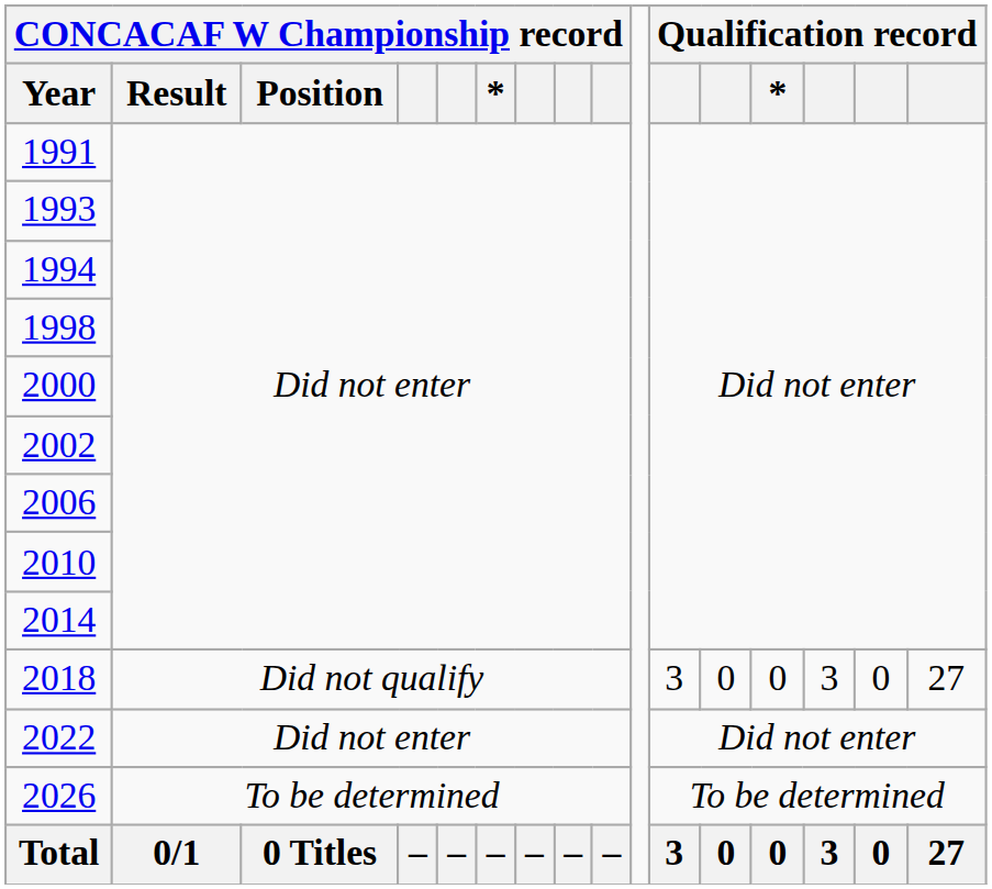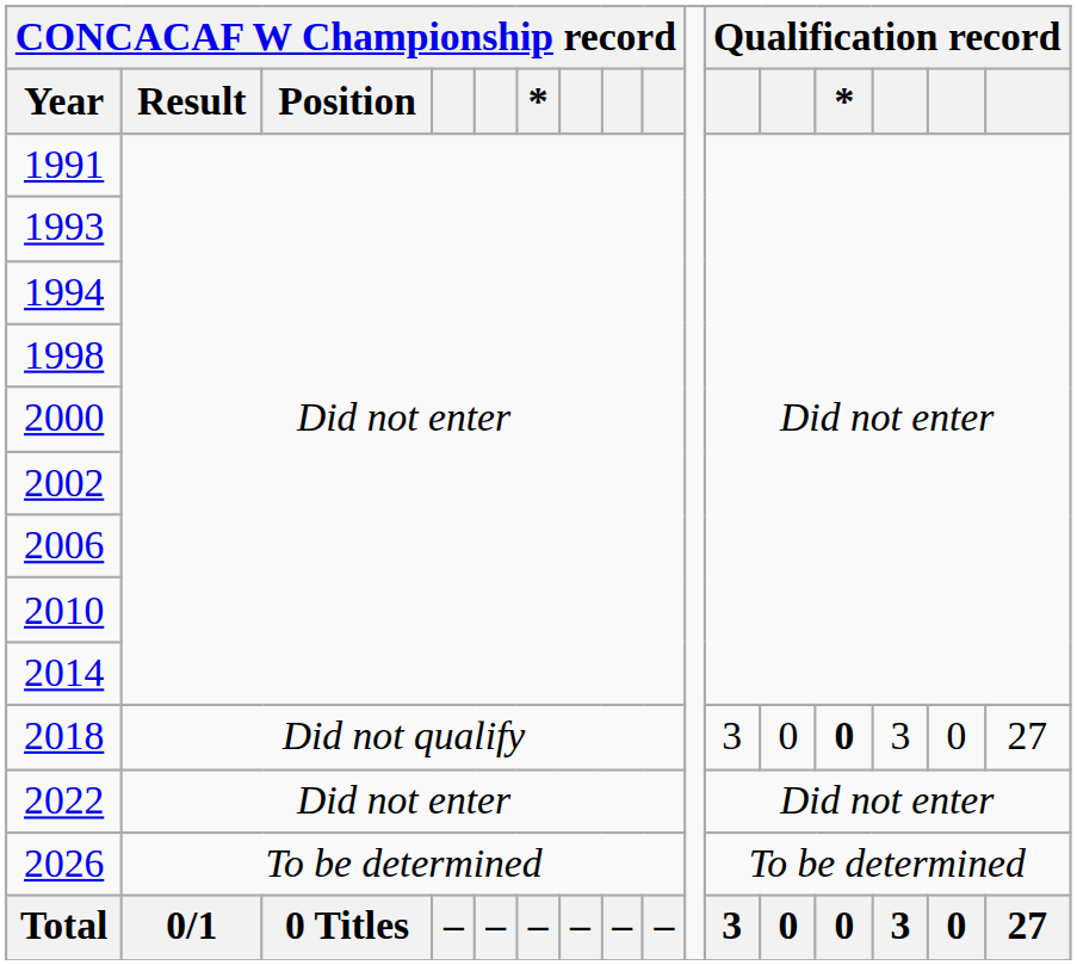 <table class="wikitable" style="text-align: center;">
 <tr>
 <th colspan=9><a href='#'>CONCACAF W Championship</a> record</th>
 <td rowspan=17></td>
 <th colspan=6>Qualification record</th>
 </tr>
 <tr>
 <th>Year</th>
 <th>Result</th>
 <th>Position</th>
 <th></th>
 <th></th>
 <th>*</th>
 <th></th>
 <th></th>
 <th></th>
 <th></th>
 <th></th>
 <th>*</th>
 <th></th>
 <th></th>
 <th></th>
 </tr>
 <tr>
 <td> <a href='#'>1991</a></td>
 <td rowspan=9 colspan=8><em>Did not enter</em></td>
 <td rowspan=9 colspan=6><em>Did not enter</em></td>
 </tr>
 <tr>
 <td> <a href='#'>1993</a></td>
 </tr>
 <tr>
 <td> <a href='#'>1994</a></td>
 </tr>
 <tr>
 <td> <a href='#'>1998</a></td>
 </tr>
 <tr>
 <td> <a href='#'>2000</a></td>
 </tr>
 <tr>
 <td> <a href='#'>2002</a></td>
 </tr>
 <tr>
 <td> <a href='#'>2006</a></td>
 </tr>
 <tr>
 <td> <a href='#'>2010</a></td>
 </tr>
 <tr>
 <td> <a href='#'>2014</a></td>
 </tr>
 <tr>
 <td> <a href='#'>2018</a></td>
 <td colspan=8><em>Did not qualify</em></td>
 <td>3</td>
 <td>0</td>
-<td>0</td>
+<td><strong>0</strong></td>
 <td>3</td>
 <td>0</td>
 <td>27</td>
 </tr>
 <tr>
 <td> <a href='#'>2022</a></td>
 <td colspan=8><em>Did not enter</em></td>
 <td colspan=6><em>Did not enter</em></td>
 </tr>
 <tr>
 <td><a href='#'>2026</a></td>
 <td colspan=8><em>To be determined</em></td>
 <td colspan=6><em>To be determined</em></td>
 </tr>
 <tr>
 <th>Total</th>
 <th>0/1</th>
 <th>0 Titles</th>
 <th>–</th>
 <th>–</th>
 <th>–</th>
 <th>–</th>
 <th>–</th>
 <th>–</th>
 <th>3</th>
 <th>0</th>
 <th>0</th>
 <th>3</th>
 <th>0</th>
 <th>27</th>
 </tr>
 </table>
